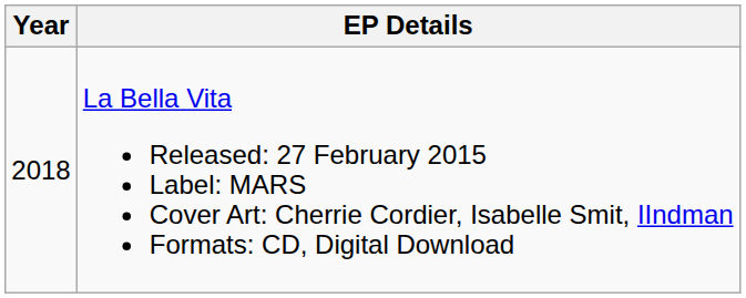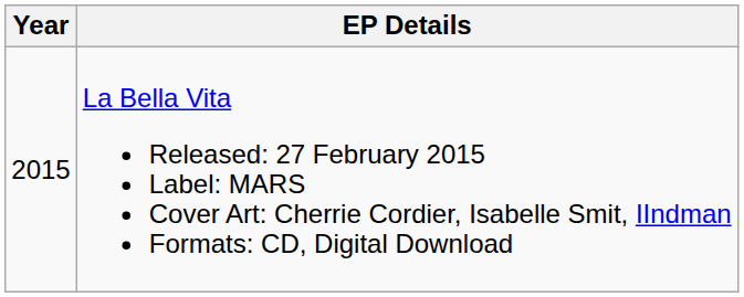 <table class="wikitable" style="text=-align:centre;">
 <tr>
 <th>Year</th>
 <th>EP Details</th>
 </tr>
 <tr>
-<td>2018</td>
+<td>2015</td>
 <td align="left"><br><a href='#'>La Bella Vita</a><ul><li>Released: 27 February 2015</li><li>Label: MARS</li><li>Cover Art: Cherrie Cordier, Isabelle Smit, <a href='#'>IIndman</a></li><li>Formats: CD, Digital Download</li></ul></td>
 </tr>
 </table>
